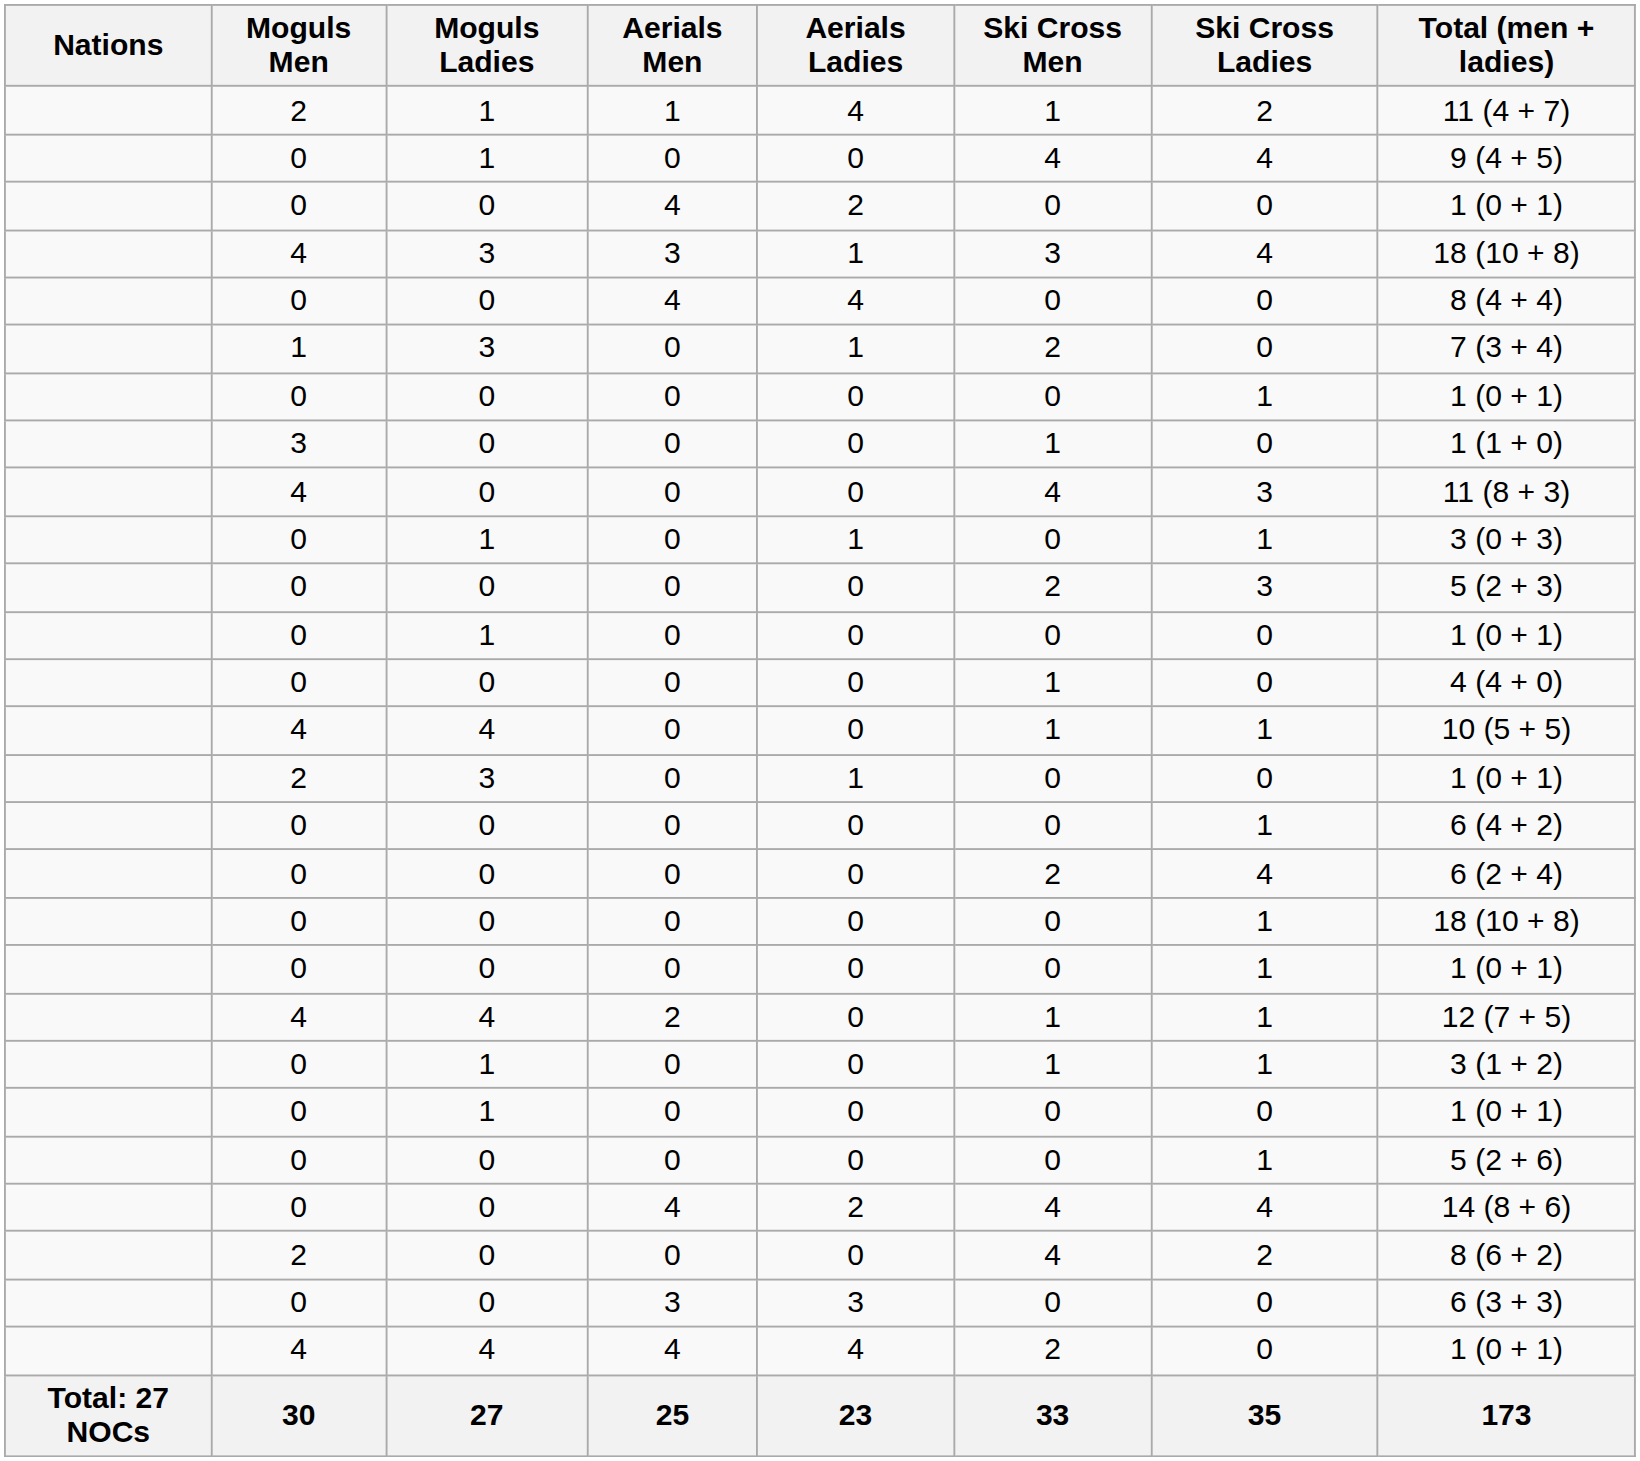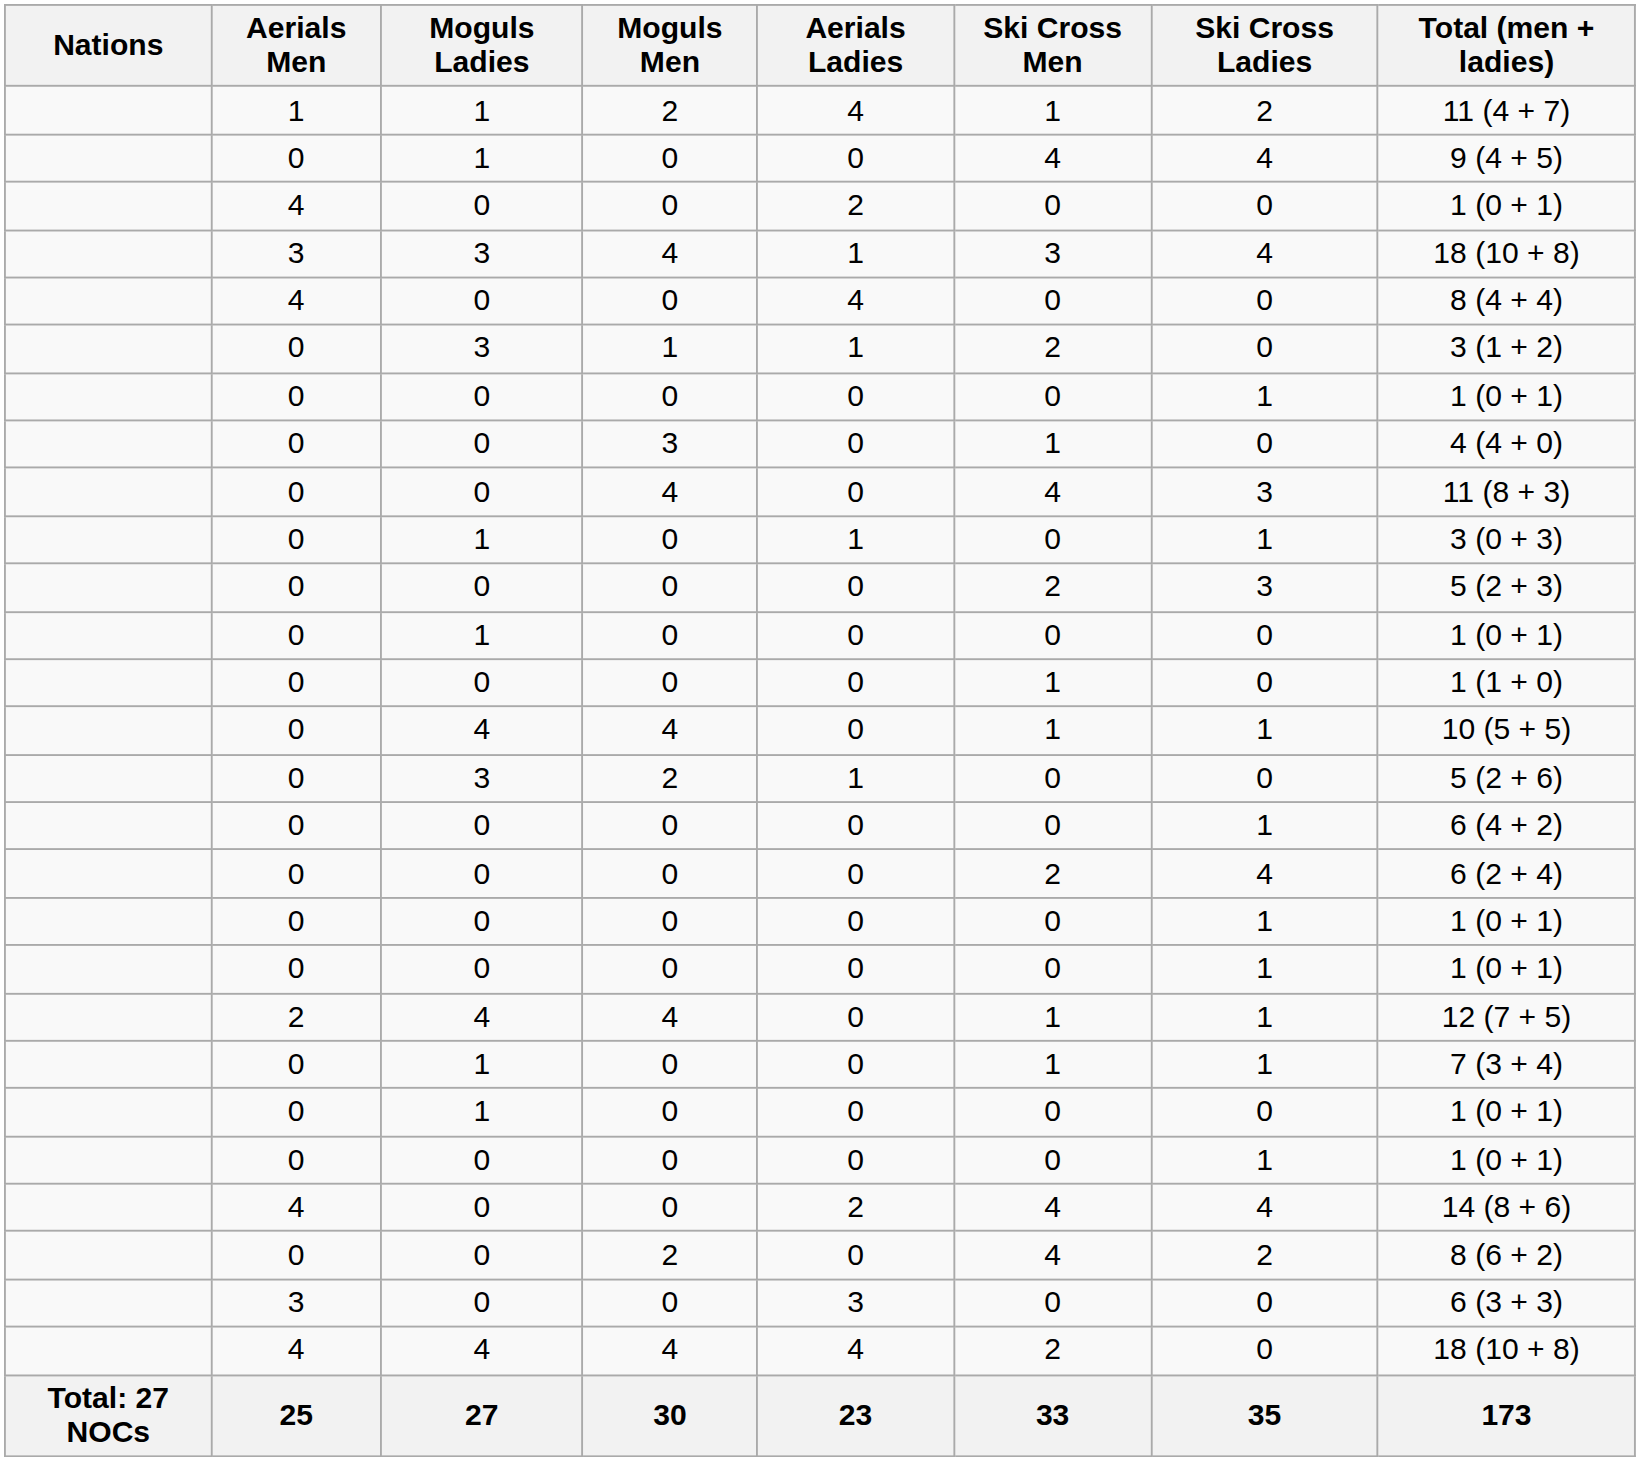 <table class="wikitable sortable" style="text-align:center;">
 <tr>
 <th>Nations </th>
+<th>Aerials Men</th>
+<th>Moguls Ladies</th>
 <th>Moguls Men</th>
-<th>Moguls Ladies</th>
-<th>Aerials Men</th>
 <th>Aerials Ladies</th>
 <th>Ski Cross Men</th>
 <th>Ski Cross Ladies</th>
 <th>Total (men + ladies)</th>
 </tr>
 <tr>
 <td align="left"></td>
-<td>2</td>
 <td>1</td>
 <td>1</td>
+<td>2</td>
 <td>4</td>
 <td>1</td>
 <td>2</td>
 <td>11 (4 + 7)</td>
 </tr>
 <tr>
 <td align="left"></td>
 <td>0</td>
 <td>1</td>
 <td>0</td>
 <td>0</td>
 <td>4</td>
 <td>4</td>
 <td>9 (4 + 5)</td>
 </tr>
 <tr>
 <td align="left"></td>
+<td>4</td>
 <td>0</td>
 <td>0</td>
-<td>4</td>
 <td>2</td>
 <td>0</td>
 <td>0</td>
 <td>1 (0 + 1)</td>
 </tr>
 <tr>
 <td align="left"></td>
-<td>4</td>
 <td>3</td>
 <td>3</td>
+<td>4</td>
 <td>1</td>
 <td>3</td>
 <td>4</td>
 <td>18 (10 + 8)</td>
 </tr>
 <tr>
 <td align="left"></td>
+<td>4</td>
 <td>0</td>
 <td>0</td>
-<td>4</td>
 <td>4</td>
 <td>0</td>
 <td>0</td>
 <td>8 (4 + 4)</td>
 </tr>
 <tr>
 <td align="left"></td>
+<td>0</td>
+<td>3</td>
 <td>1</td>
-<td>3</td>
-<td>0</td>
 <td>1</td>
 <td>2</td>
 <td>0</td>
-<td>7 (3 + 4)</td>
+<td>3 (1 + 2)</td>
 </tr>
 <tr>
 <td align="left"></td>
 <td>0</td>
 <td>0</td>
 <td>0</td>
 <td>0</td>
 <td>0</td>
 <td>1</td>
 <td>1 (0 + 1)</td>
 </tr>
 <tr>
 <td align="left"></td>
-<td>3</td>
 <td>0</td>
 <td>0</td>
+<td>3</td>
 <td>0</td>
 <td>1</td>
 <td>0</td>
-<td>1 (1 + 0)</td>
+<td>4 (4 + 0)</td>
 </tr>
 <tr>
 <td align="left"></td>
-<td>4</td>
 <td>0</td>
 <td>0</td>
+<td>4</td>
 <td>0</td>
 <td>4</td>
 <td>3</td>
 <td>11 (8 + 3)</td>
 </tr>
 <tr>
 <td align="left"></td>
 <td>0</td>
 <td>1</td>
 <td>0</td>
 <td>1</td>
 <td>0</td>
 <td>1</td>
 <td>3 (0 + 3)</td>
 </tr>
 <tr>
 <td align="left"></td>
 <td>0</td>
 <td>0</td>
 <td>0</td>
 <td>0</td>
 <td>2</td>
 <td>3</td>
 <td>5 (2 + 3)</td>
 </tr>
 <tr>
 <td align="left"></td>
 <td>0</td>
 <td>1</td>
 <td>0</td>
 <td>0</td>
 <td>0</td>
 <td>0</td>
 <td>1 (0 + 1)</td>
 </tr>
 <tr>
 <td align="left"></td>
 <td>0</td>
 <td>0</td>
 <td>0</td>
 <td>0</td>
 <td>1</td>
 <td>0</td>
-<td>4 (4 + 0)</td>
+<td>1 (1 + 0)</td>
 </tr>
 <tr>
 <td align="left"></td>
+<td>0</td>
 <td>4</td>
 <td>4</td>
-<td>0</td>
 <td>0</td>
 <td>1</td>
 <td>1</td>
 <td>10 (5 + 5)</td>
 </tr>
 <tr>
 <td align="left"></td>
+<td>0</td>
+<td>3</td>
 <td>2</td>
-<td>3</td>
-<td>0</td>
 <td>1</td>
 <td>0</td>
 <td>0</td>
-<td>1 (0 + 1)</td>
+<td>5 (2 + 6)</td>
 </tr>
 <tr>
 <td align="left"></td>
 <td>0</td>
 <td>0</td>
 <td>0</td>
 <td>0</td>
 <td>0</td>
 <td>1</td>
 <td>6 (4 + 2)</td>
 </tr>
 <tr>
 <td align="left"></td>
 <td>0</td>
 <td>0</td>
 <td>0</td>
 <td>0</td>
 <td>2</td>
 <td>4</td>
 <td>6 (2 + 4)</td>
 </tr>
 <tr>
 <td align="left"></td>
 <td>0</td>
 <td>0</td>
 <td>0</td>
 <td>0</td>
 <td>0</td>
 <td>1</td>
-<td>18 (10 + 8)</td>
+<td>1 (0 + 1)</td>
 </tr>
 <tr>
 <td align="left"></td>
 <td>0</td>
 <td>0</td>
 <td>0</td>
 <td>0</td>
 <td>0</td>
 <td>1</td>
 <td>1 (0 + 1)</td>
 </tr>
 <tr>
 <td align="left"></td>
+<td>2</td>
 <td>4</td>
 <td>4</td>
-<td>2</td>
 <td>0</td>
 <td>1</td>
 <td>1</td>
 <td>12 (7 + 5)</td>
 </tr>
 <tr>
 <td align="left"></td>
 <td>0</td>
 <td>1</td>
 <td>0</td>
 <td>0</td>
 <td>1</td>
 <td>1</td>
-<td>3 (1 + 2)</td>
+<td>7 (3 + 4)</td>
 </tr>
 <tr>
 <td align="left"></td>
 <td>0</td>
 <td>1</td>
 <td>0</td>
 <td>0</td>
 <td>0</td>
 <td>0</td>
 <td>1 (0 + 1)</td>
 </tr>
 <tr>
 <td align="left"></td>
 <td>0</td>
 <td>0</td>
 <td>0</td>
 <td>0</td>
 <td>0</td>
 <td>1</td>
-<td>5 (2 + 6)</td>
+<td>1 (0 + 1)</td>
 </tr>
 <tr>
 <td align="left"></td>
+<td>4</td>
 <td>0</td>
 <td>0</td>
-<td>4</td>
 <td>2</td>
 <td>4</td>
 <td>4</td>
 <td>14 (8 + 6)</td>
 </tr>
 <tr>
 <td align="left"></td>
-<td>2</td>
 <td>0</td>
 <td>0</td>
+<td>2</td>
 <td>0</td>
 <td>4</td>
 <td>2</td>
 <td>8 (6 + 2)</td>
 </tr>
 <tr>
 <td align="left"></td>
+<td>3</td>
 <td>0</td>
 <td>0</td>
-<td>3</td>
 <td>3</td>
 <td>0</td>
 <td>0</td>
 <td>6 (3 + 3)</td>
 </tr>
 <tr>
 <td align="left"></td>
 <td>4</td>
 <td>4</td>
 <td>4</td>
 <td>4</td>
 <td>2</td>
 <td>0</td>
-<td>1 (0 + 1)</td>
+<td>18 (10 + 8)</td>
 </tr>
 <tr>
 <th>Total: 27 NOCs</th>
+<th>25</th>
+<th>27</th>
 <th>30</th>
-<th>27</th>
-<th>25</th>
 <th>23</th>
 <th>33</th>
 <th>35</th>
 <th>173</th>
 </tr>
 </table>
